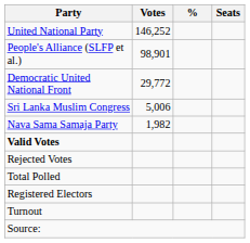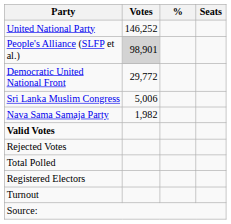 <table class="wikitable" border="1" style="text-align:right;">
 <tr>
 <th align=left width="180">Party</th>
 <th align=center width="50">Votes</th>
 <th align=center width="50">%</th>
 <th align=center width="40">Seats</th>
 </tr>
 <tr>
 <td align=left><a href='#'>United National Party</a></td>
 <td>146,252</td>
 <td></td>
 <td></td>
 </tr>
 <tr>
 <td align=left><a href='#'>People's Alliance</a> (<a href='#'>SLFP</a> et al.)</td>
-<td>98,901</td>
+<td style="background: lightgrey;">98,901</td>
 <td></td>
 <td></td>
 </tr>
 <tr>
 <td align=left><a href='#'>Democratic United National Front</a></td>
 <td>29,772</td>
 <td></td>
 <td></td>
 </tr>
 <tr>
 <td align=left><a href='#'>Sri Lanka Muslim Congress</a></td>
 <td>5,006</td>
 <td></td>
 <td></td>
 </tr>
 <tr>
 <td align=left><a href='#'>Nava Sama Samaja Party</a></td>
 <td>1,982</td>
 <td></td>
 <td></td>
 </tr>
 <tr>
 <td align=left><strong>Valid Votes</strong></td>
 <td></td>
 <td></td>
 <td></td>
 </tr>
 <tr>
 <td align=left>Rejected Votes</td>
 <td></td>
 <td></td>
 <td></td>
 </tr>
 <tr>
 <td align=left>Total Polled</td>
 <td></td>
 <td></td>
 <td></td>
 </tr>
 <tr>
 <td align=left>Registered Electors</td>
 <td></td>
 <td></td>
 <td></td>
 </tr>
 <tr>
 <td align=left>Turnout</td>
 <td></td>
 <td></td>
 <td></td>
 </tr>
 <tr>
 <td align=left colspan=4>Source:</td>
 </tr>
 </table>
